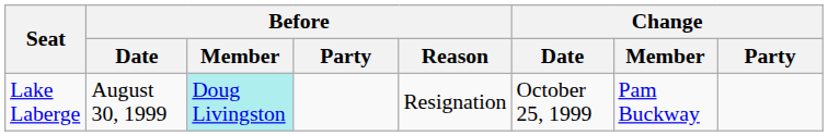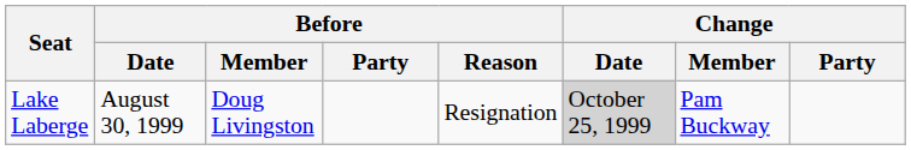 <table class="wikitable" style="border: none;">
 <tr>
 <th rowspan="2" width="10%">Seat</th>
 <th colspan="4" width="50%">Before</th>
 <th colspan="3" width="40%">Change</th>
 </tr>
 <tr>
 <th width="13%">Date</th>
 <th width="13%">Member</th>
 <th width="14%">Party</th>
 <th width="10%">Reason</th>
 <th width="13%">Date</th>
 <th width="13%">Member</th>
 <th width="14%">Party</th>
 </tr>
 <tr>
 <td><a href='#'>Lake Laberge</a></td>
 <td>August 30, 1999</td>
-<td style="background: paleturquoise;"><a href='#'>Doug Livingston</a></td>
+<td><a href='#'>Doug Livingston</a></td>
 <td></td>
 <td>Resignation</td>
-<td>October 25, 1999</td>
+<td style="background: lightgrey;">October 25, 1999</td>
 <td><a href='#'>Pam Buckway</a></td>
 <td></td>
 </tr>
 </table>
